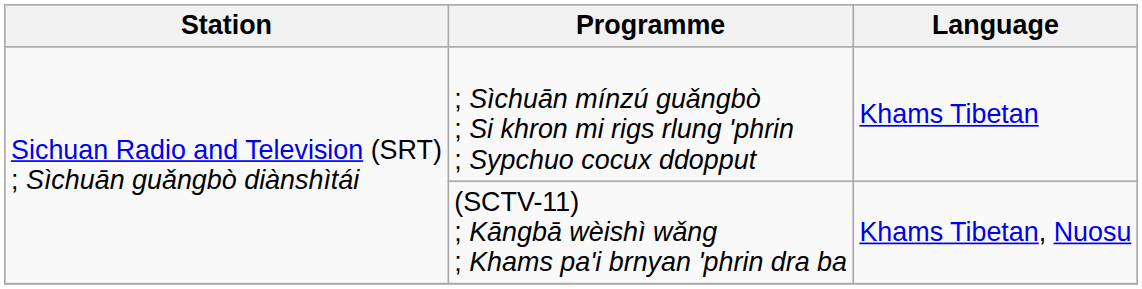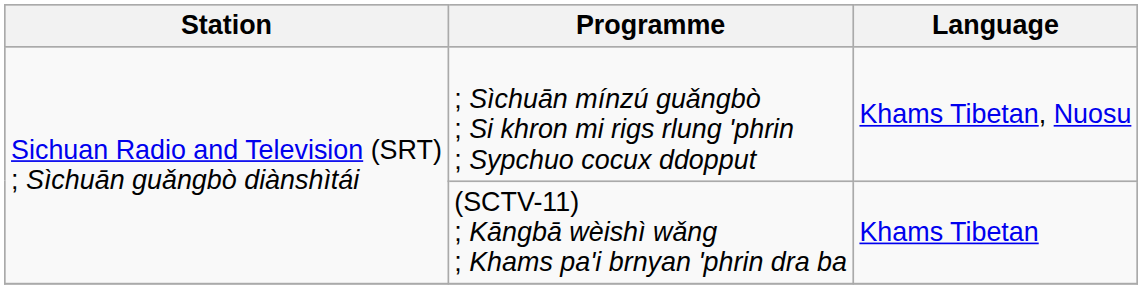 <table border="1" class="wikitable">
 <tr>
 <th>Station</th>
 <th>Programme</th>
 <th>Language</th>
 </tr>
 <tr>
 <td rowspan="2"><a href='#'>Sichuan Radio and Television</a> (SRT)<br> ; <em>Sìchuān guǎngbò diànshìtái</em></td>
 <td><br> ; <em>Sìchuān mínzú guǎngbò</em><br> ; <em>Si khron mi rigs rlung 'phrin</em><br> ; <em>Sypchuo cocux ddopput</em></td>
-<td><a href='#'>Khams Tibetan</a></td>
+<td><a href='#'>Khams Tibetan</a>, <a href='#'>Nuosu</a></td>
 </tr>
 <tr>
 <td> (SCTV-11)<br> ; <em>Kāngbā wèishì wǎng</em><br> ; <em>Khams pa'i brnyan 'phrin dra ba</em></td>
-<td><a href='#'>Khams Tibetan</a>, <a href='#'>Nuosu</a></td>
+<td><a href='#'>Khams Tibetan</a></td>
 </tr>
 <tr>
 </tr>
 </table>
